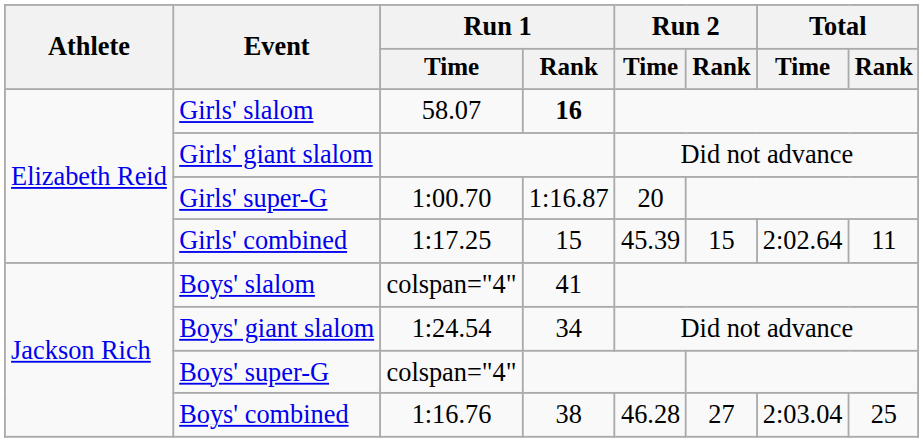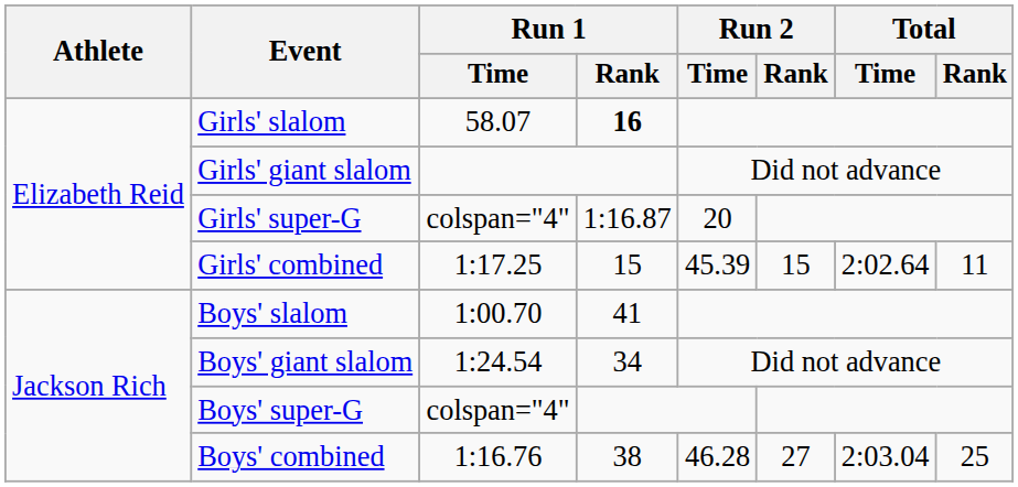 <table class="wikitable" style="font-size:90%">
 <tr>
 <th rowspan=2>Athlete</th>
 <th rowspan=2>Event</th>
 <th colspan=2>Run 1</th>
 <th colspan=2>Run 2</th>
 <th colspan=2>Total</th>
 </tr>
 <tr style="font-size:95%">
 <th>Time</th>
 <th>Rank</th>
 <th>Time</th>
 <th>Rank</th>
 <th>Time</th>
 <th>Rank</th>
 </tr>
 <tr align=center>
 <td align="left" rowspan="4"><a href='#'>Elizabeth Reid</a></td>
 <td align="left"><a href='#'>Girls' slalom</a></td>
 <td>58.07</td>
 <td><strong>16</strong></td>
 <td colspan=4></td>
 </tr>
 <tr align=center>
 <td align="left"><a href='#'>Girls' giant slalom</a></td>
 <td colspan=2></td>
 <td colspan=4>Did not advance</td>
 </tr>
 <tr align=center>
 <td align="left"><a href='#'>Girls' super-G</a></td>
-<td>1:00.70</td>
+<td>colspan="4" </td>
 <td>1:16.87</td>
 <td>20</td>
 </tr>
 <tr align=center>
 <td align="left"><a href='#'>Girls' combined</a></td>
 <td>1:17.25</td>
 <td>15</td>
 <td>45.39</td>
 <td>15</td>
 <td>2:02.64</td>
 <td>11</td>
 </tr>
 <tr align=center>
 <td align="left" rowspan="4"><a href='#'>Jackson Rich</a></td>
 <td align="left"><a href='#'>Boys' slalom</a></td>
-<td>colspan="4" </td>
+<td>1:00.70</td>
 <td>41</td>
 <td colspan=4></td>
 </tr>
 <tr align=center>
 <td align="left"><a href='#'>Boys' giant slalom</a></td>
 <td>1:24.54</td>
 <td>34</td>
 <td colspan=4>Did not advance</td>
 </tr>
 <tr align=center>
 <td align="left"><a href='#'>Boys' super-G</a></td>
 <td>colspan="4" </td>
 <td colspan=2></td>
 </tr>
 <tr align=center>
 <td align="left"><a href='#'>Boys' combined</a></td>
 <td>1:16.76</td>
 <td>38</td>
 <td>46.28</td>
 <td>27</td>
 <td>2:03.04</td>
 <td>25</td>
 </tr>
 </table>
